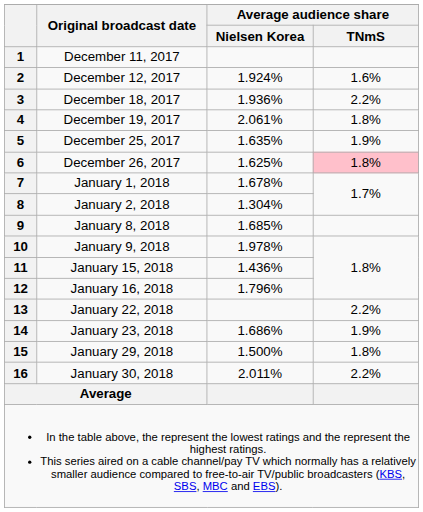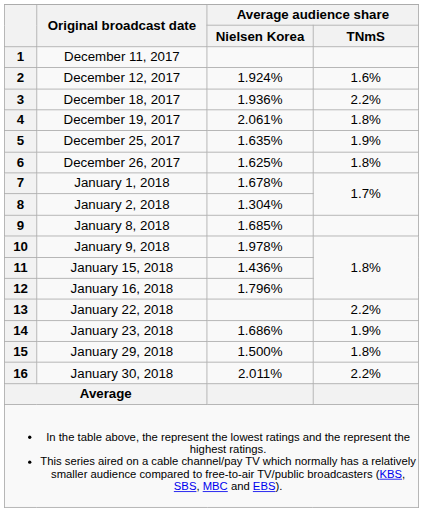 <table class="wikitable" style="text-align:center; width:500px">
 <tr>
 </tr>
 <tr>
 <th rowspan="2"></th>
 <th rowspan="2">Original broadcast date</th>
 <th colspan="2">Average audience share</th>
 </tr>
 <tr>
 <th width="120">Nielsen Korea</th>
 <th width="120">TNmS</th>
 </tr>
 <tr>
 <th>1</th>
 <td>December 11, 2017</td>
 <td></td>
 <td></td>
 </tr>
 <tr>
 <th>2</th>
 <td>December 12, 2017</td>
 <td>1.924%</td>
 <td>1.6%</td>
 </tr>
 <tr>
 <th>3</th>
 <td>December 18, 2017</td>
 <td>1.936%</td>
 <td>2.2%</td>
 </tr>
 <tr>
 <th>4</th>
 <td>December 19, 2017</td>
 <td>2.061%</td>
 <td>1.8%</td>
 </tr>
 <tr>
 <th>5</th>
 <td>December 25, 2017</td>
 <td>1.635%</td>
 <td>1.9%</td>
 </tr>
 <tr>
 <th>6</th>
 <td>December 26, 2017</td>
 <td>1.625%</td>
-<td style="background: pink;">1.8%</td>
+<td>1.8%</td>
 </tr>
 <tr>
 <th>7</th>
 <td>January 1, 2018</td>
 <td>1.678%</td>
 <td rowspan=2>1.7%</td>
 </tr>
 <tr>
 <th>8</th>
 <td>January 2, 2018</td>
 <td>1.304%</td>
 </tr>
 <tr>
 <th>9</th>
 <td>January 8, 2018</td>
 <td>1.685%</td>
 <td></td>
 </tr>
 <tr>
 <th>10</th>
 <td>January 9, 2018</td>
 <td>1.978%</td>
 <td rowspan=3>1.8%</td>
 </tr>
 <tr>
 <th>11</th>
 <td>January 15, 2018</td>
 <td>1.436%</td>
 </tr>
 <tr>
 <th>12</th>
 <td>January 16, 2018</td>
 <td>1.796%</td>
 </tr>
 <tr>
 <th>13</th>
 <td>January 22, 2018</td>
 <td></td>
 <td>2.2%</td>
 </tr>
 <tr>
 <th>14</th>
 <td>January 23, 2018</td>
 <td>1.686%</td>
 <td>1.9%</td>
 </tr>
 <tr>
 <th>15</th>
 <td>January 29, 2018</td>
 <td>1.500%</td>
 <td>1.8%</td>
 </tr>
 <tr>
 <th>16</th>
 <td>January 30, 2018</td>
 <td>2.011%</td>
 <td>2.2%</td>
 </tr>
 <tr>
 <th colspan="2">Average</th>
 <th></th>
 <th></th>
 </tr>
 <tr>
 <td colspan="4" style="font-size:85%"><br><ul><li>In the table above, the <strong></strong> represent the lowest ratings and the <strong></strong> represent the highest ratings.</li><li>This series aired on a cable channel/pay TV which normally has a relatively smaller audience compared to free-to-air TV/public broadcasters (<a href='#'>KBS</a>, <a href='#'>SBS</a>, <a href='#'>MBC</a> and <a href='#'>EBS</a>).</li></ul></td>
 </tr>
 </table>
